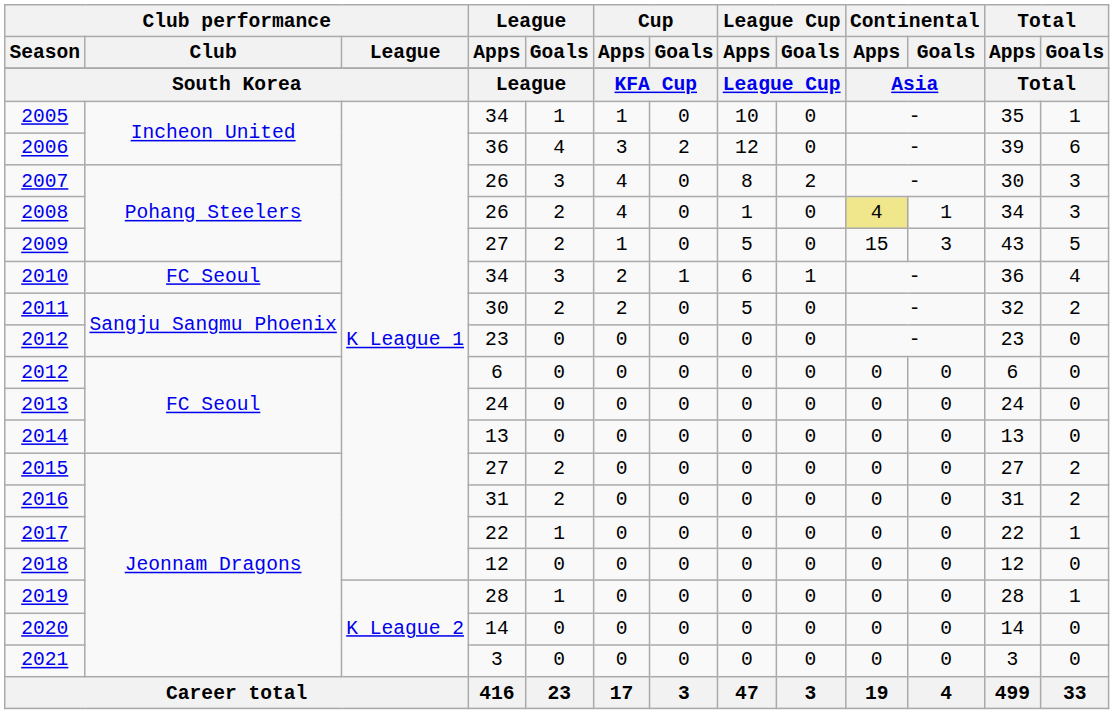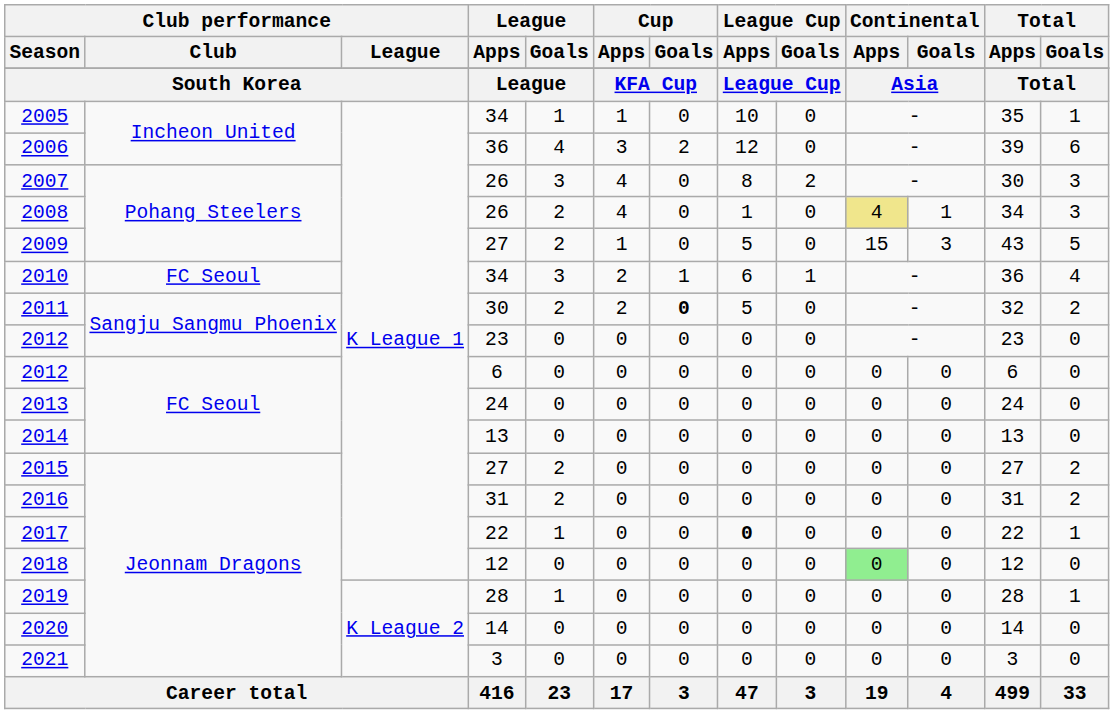 <table class="wikitable" style="text-align:center">
 <tr>
 <th colspan=3>Club performance</th>
 <th colspan=2>League</th>
 <th colspan=2>Cup</th>
 <th colspan=2>League Cup</th>
 <th colspan=2>Continental</th>
 <th colspan=2>Total</th>
 </tr>
 <tr>
 <th>Season</th>
 <th>Club</th>
 <th>League</th>
 <th>Apps</th>
 <th>Goals</th>
 <th>Apps</th>
 <th>Goals</th>
 <th>Apps</th>
 <th>Goals</th>
 <th>Apps</th>
 <th>Goals</th>
 <th>Apps</th>
 <th>Goals</th>
 </tr>
 <tr>
 </tr>
 <tr>
 <th colspan=3>South Korea</th>
 <th colspan=2>League</th>
 <th colspan=2><a href='#'>KFA Cup</a></th>
 <th colspan=2><a href='#'>League Cup</a></th>
 <th colspan=2><a href='#'>Asia</a></th>
 <th colspan=2>Total</th>
 </tr>
 <tr>
 <td><a href='#'>2005</a></td>
 <td rowspan="2"><a href='#'>Incheon United</a></td>
 <td rowspan="15"><a href='#'>K League 1</a></td>
 <td>34</td>
 <td>1</td>
 <td>1</td>
 <td>0</td>
 <td>10</td>
 <td>0</td>
 <td colspan="2">-</td>
 <td>35</td>
 <td>1</td>
 </tr>
 <tr>
 <td><a href='#'>2006</a></td>
 <td>36</td>
 <td>4</td>
 <td>3</td>
 <td>2</td>
 <td>12</td>
 <td>0</td>
 <td colspan="2">-</td>
 <td>39</td>
 <td>6</td>
 </tr>
 <tr>
 <td><a href='#'>2007</a></td>
 <td rowspan="3"><a href='#'>Pohang Steelers</a></td>
 <td>26</td>
 <td>3</td>
 <td>4</td>
 <td>0</td>
 <td>8</td>
 <td>2</td>
 <td colspan="2">-</td>
 <td>30</td>
 <td>3</td>
 </tr>
 <tr>
 <td><a href='#'>2008</a></td>
 <td>26</td>
 <td>2</td>
 <td>4</td>
 <td>0</td>
 <td>1</td>
 <td>0</td>
 <td style="background: khaki;">4</td>
 <td>1</td>
 <td>34</td>
 <td>3</td>
 </tr>
 <tr>
 <td><a href='#'>2009</a></td>
 <td>27</td>
 <td>2</td>
 <td>1</td>
 <td>0</td>
 <td>5</td>
 <td>0</td>
 <td>15</td>
 <td>3</td>
 <td>43</td>
 <td>5</td>
 </tr>
 <tr>
 <td><a href='#'>2010</a></td>
 <td rowspan="1"><a href='#'>FC Seoul</a></td>
 <td>34</td>
 <td>3</td>
 <td>2</td>
 <td>1</td>
 <td>6</td>
 <td>1</td>
 <td colspan="2">-</td>
 <td>36</td>
 <td>4</td>
 </tr>
 <tr>
 <td><a href='#'>2011</a></td>
 <td rowspan="2"><a href='#'>Sangju Sangmu Phoenix</a></td>
 <td>30</td>
 <td>2</td>
 <td>2</td>
-<td>0</td>
+<td><strong>0</strong></td>
 <td>5</td>
 <td>0</td>
 <td colspan="2">-</td>
 <td>32</td>
 <td>2</td>
 </tr>
 <tr>
 <td><a href='#'>2012</a></td>
 <td>23</td>
 <td>0</td>
 <td>0</td>
 <td>0</td>
 <td>0</td>
 <td>0</td>
 <td colspan="2">-</td>
 <td>23</td>
 <td>0</td>
 </tr>
 <tr>
 <td><a href='#'>2012</a></td>
 <td rowspan="3"><a href='#'>FC Seoul</a></td>
 <td>6</td>
 <td>0</td>
 <td>0</td>
 <td>0</td>
 <td>0</td>
 <td>0</td>
 <td>0</td>
 <td>0</td>
 <td>6</td>
 <td>0</td>
 </tr>
 <tr>
 <td><a href='#'>2013</a></td>
 <td>24</td>
 <td>0</td>
 <td>0</td>
 <td>0</td>
 <td>0</td>
 <td>0</td>
 <td>0</td>
 <td>0</td>
 <td>24</td>
 <td>0</td>
 </tr>
 <tr>
 <td><a href='#'>2014</a></td>
 <td>13</td>
 <td>0</td>
 <td>0</td>
 <td>0</td>
 <td>0</td>
 <td>0</td>
 <td>0</td>
 <td>0</td>
 <td>13</td>
 <td>0</td>
 </tr>
 <tr>
 <td><a href='#'>2015</a></td>
 <td rowspan="7"><a href='#'>Jeonnam Dragons</a></td>
 <td>27</td>
 <td>2</td>
 <td>0</td>
 <td>0</td>
 <td>0</td>
 <td>0</td>
 <td>0</td>
 <td>0</td>
 <td>27</td>
 <td>2</td>
 </tr>
 <tr>
 <td><a href='#'>2016</a></td>
 <td>31</td>
 <td>2</td>
 <td>0</td>
 <td>0</td>
 <td>0</td>
 <td>0</td>
 <td>0</td>
 <td>0</td>
 <td>31</td>
 <td>2</td>
 </tr>
 <tr>
 <td><a href='#'>2017</a></td>
 <td>22</td>
 <td>1</td>
 <td>0</td>
 <td>0</td>
-<td>0</td>
+<td><strong>0</strong></td>
 <td>0</td>
 <td>0</td>
 <td>0</td>
 <td>22</td>
 <td>1</td>
 </tr>
 <tr>
 <td><a href='#'>2018</a></td>
 <td>12</td>
 <td>0</td>
 <td>0</td>
 <td>0</td>
 <td>0</td>
 <td>0</td>
-<td>0</td>
+<td style="background: lightgreen;">0</td>
 <td>0</td>
 <td>12</td>
 <td>0</td>
 </tr>
 <tr>
 <td><a href='#'>2019</a></td>
 <td rowspan="3"><a href='#'>K League 2</a></td>
 <td>28</td>
 <td>1</td>
 <td>0</td>
 <td>0</td>
 <td>0</td>
 <td>0</td>
 <td>0</td>
 <td>0</td>
 <td>28</td>
 <td>1</td>
 </tr>
 <tr>
 <td><a href='#'>2020</a></td>
 <td>14</td>
 <td>0</td>
 <td>0</td>
 <td>0</td>
 <td>0</td>
 <td>0</td>
 <td>0</td>
 <td>0</td>
 <td>14</td>
 <td>0</td>
 </tr>
 <tr>
 <td><a href='#'>2021</a></td>
 <td>3</td>
 <td>0</td>
 <td>0</td>
 <td>0</td>
 <td>0</td>
 <td>0</td>
 <td>0</td>
 <td>0</td>
 <td>3</td>
 <td>0</td>
 </tr>
 <tr>
 <th colspan=3>Career total</th>
 <th>416</th>
 <th>23</th>
 <th>17</th>
 <th>3</th>
 <th>47</th>
 <th>3</th>
 <th>19</th>
 <th>4</th>
 <th>499</th>
 <th>33</th>
 </tr>
 </table>
